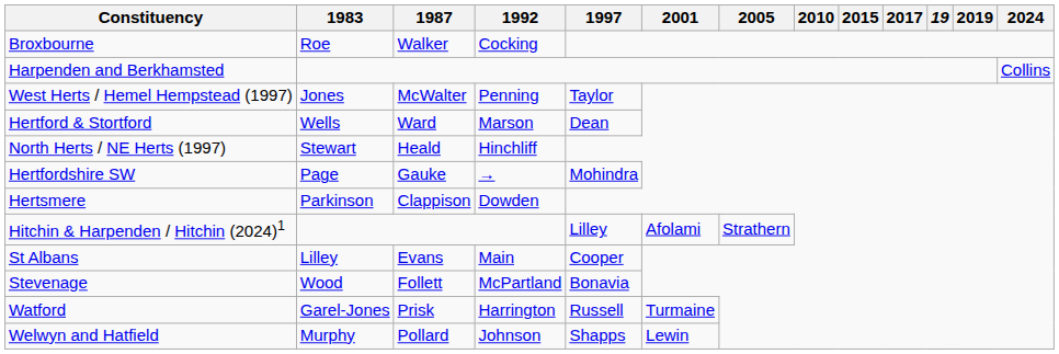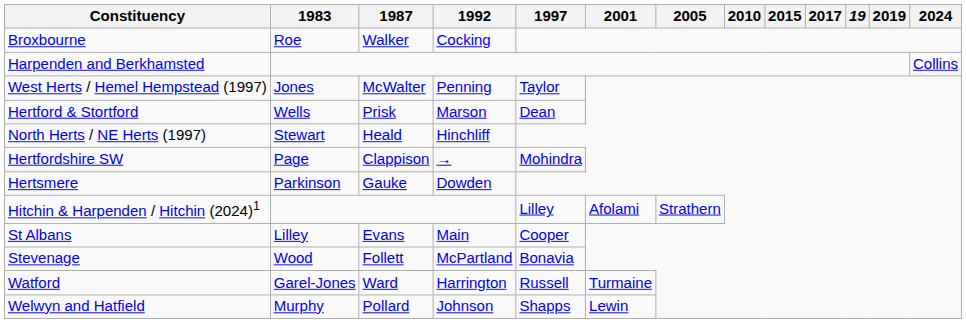 <table class="wikitable">
 <tr>
 <th>Constituency</th>
 <th>1983</th>
 <th>1987</th>
 <th>1992</th>
 <th>1997</th>
 <th>2001</th>
 <th>2005</th>
 <th>2010</th>
 <th>2015</th>
 <th>2017</th>
 <th><em>19</em></th>
 <th>2019</th>
 <th>2024</th>
 </tr>
 <tr>
 <td><a href='#'>Broxbourne</a></td>
 <td><a href='#'>Roe</a></td>
 <td><a href='#'>Walker</a></td>
 <td><a href='#'>Cocking</a></td>
 </tr>
 <tr>
 <td><a href='#'>Harpenden and Berkhamsted</a></td>
 <td colspan="11"></td>
 <td><a href='#'>Collins</a></td>
 </tr>
 <tr>
 <td><a href='#'>West Herts</a> / <a href='#'>Hemel Hempstead</a> (1997)</td>
 <td><a href='#'>Jones</a></td>
 <td><a href='#'>McWalter</a></td>
 <td><a href='#'>Penning</a></td>
 <td><a href='#'>Taylor</a></td>
 </tr>
 <tr>
 <td><a href='#'>Hertford & Stortford</a></td>
 <td><a href='#'>Wells</a></td>
-<td><a href='#'>Ward</a></td>
+<td><a href='#'>Prisk</a></td>
 <td><a href='#'>Marson</a></td>
 <td><a href='#'>Dean</a></td>
 </tr>
 <tr>
 <td><a href='#'>North Herts</a> / <a href='#'>NE Herts</a> (1997)</td>
 <td><a href='#'>Stewart</a></td>
 <td><a href='#'>Heald</a></td>
 <td><a href='#'>Hinchliff</a></td>
 </tr>
 <tr>
 <td><a href='#'>Hertfordshire SW</a></td>
 <td><a href='#'>Page</a></td>
-<td><a href='#'>Gauke</a></td>
+<td><a href='#'>Clappison</a></td>
 <td><a href='#'>→</a></td>
 <td><a href='#'>Mohindra</a></td>
 </tr>
 <tr>
 <td><a href='#'>Hertsmere</a></td>
 <td><a href='#'>Parkinson</a></td>
-<td><a href='#'>Clappison</a></td>
+<td><a href='#'>Gauke</a></td>
 <td><a href='#'>Dowden</a></td>
 </tr>
 <tr>
 <td><a href='#'>Hitchin & Harpenden</a> / <a href='#'>Hitchin</a> (2024)<sup>1</sup></td>
 <td colspan="3"></td>
 <td><a href='#'>Lilley</a></td>
 <td><a href='#'>Afolami</a></td>
 <td><a href='#'>Strathern</a></td>
 </tr>
 <tr>
 <td><a href='#'>St Albans</a></td>
 <td><a href='#'>Lilley</a></td>
 <td><a href='#'>Evans</a></td>
 <td><a href='#'>Main</a></td>
 <td><a href='#'>Cooper</a></td>
 </tr>
 <tr>
 <td><a href='#'>Stevenage</a></td>
 <td><a href='#'>Wood</a></td>
 <td><a href='#'>Follett</a></td>
 <td><a href='#'>McPartland</a></td>
 <td><a href='#'>Bonavia</a></td>
 </tr>
 <tr>
 <td><a href='#'>Watford</a></td>
 <td><a href='#'>Garel-Jones</a></td>
-<td><a href='#'>Prisk</a></td>
+<td><a href='#'>Ward</a></td>
 <td><a href='#'>Harrington</a></td>
 <td><a href='#'>Russell</a></td>
 <td><a href='#'>Turmaine</a></td>
 </tr>
 <tr>
 <td><a href='#'>Welwyn and Hatfield</a></td>
 <td><a href='#'>Murphy</a></td>
 <td><a href='#'>Pollard</a></td>
 <td><a href='#'>Johnson</a></td>
 <td><a href='#'>Shapps</a></td>
 <td><a href='#'>Lewin</a></td>
 </tr>
 </table>
